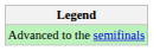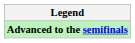 <table class="wikitable">
 <tr>
 <th>Legend</th>
 </tr>
 <tr bgcolor=#BBF3BB>
-<td>Advanced to the <a href='#'>semifinals</a></td>
+<td><strong>Advanced to the <a href='#'>semifinals</a></strong></td>
 </tr>
 </table>
